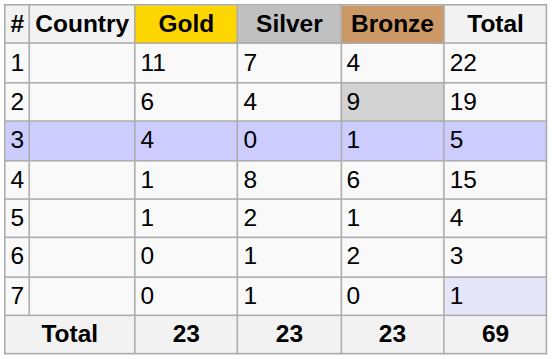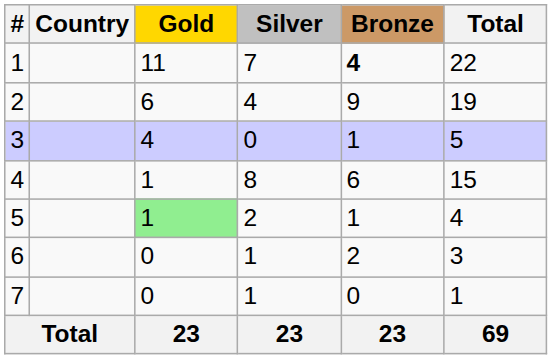 <table class="wikitable">
 <tr>
 <th>#</th>
 <th>Country</th>
 <th width="60" style="background-color:gold;">Gold</th>
 <th width="60" style="background-color:silver;">Silver</th>
 <th width="60" style="background-color:#CC9966;">Bronze</th>
 <th width="60">Total</th>
 </tr>
 <tr>
 <td>1</td>
 <td align=left></td>
 <td>11</td>
 <td>7</td>
-<td>4</td>
+<td><strong>4</strong></td>
 <td>22</td>
 </tr>
 <tr>
 <td>2</td>
 <td align=left></td>
 <td>6</td>
 <td>4</td>
-<td style="background: lightgrey;">9</td>
+<td>9</td>
 <td>19</td>
 </tr>
 <tr style="background:#ccccff">
 <td>3</td>
 <td align=left></td>
 <td>4</td>
 <td>0</td>
 <td>1</td>
 <td>5</td>
 </tr>
 <tr>
 <td>4</td>
 <td align=left></td>
 <td>1</td>
 <td>8</td>
 <td>6</td>
 <td>15</td>
 </tr>
 <tr>
 <td>5</td>
 <td align=left></td>
-<td>1</td>
+<td style="background: lightgreen;">1</td>
 <td>2</td>
 <td>1</td>
 <td>4</td>
 </tr>
 <tr>
 <td>6</td>
 <td align=left></td>
 <td>0</td>
 <td>1</td>
 <td>2</td>
 <td>3</td>
 </tr>
 <tr>
 <td>7</td>
 <td align=left></td>
 <td>0</td>
 <td>1</td>
 <td>0</td>
-<td style="background: lavender;">1</td>
+<td>1</td>
 </tr>
 <tr>
 <th colspan="2">Total</th>
 <th>23</th>
 <th>23</th>
 <th>23</th>
 <th>69</th>
 </tr>
 </table>
